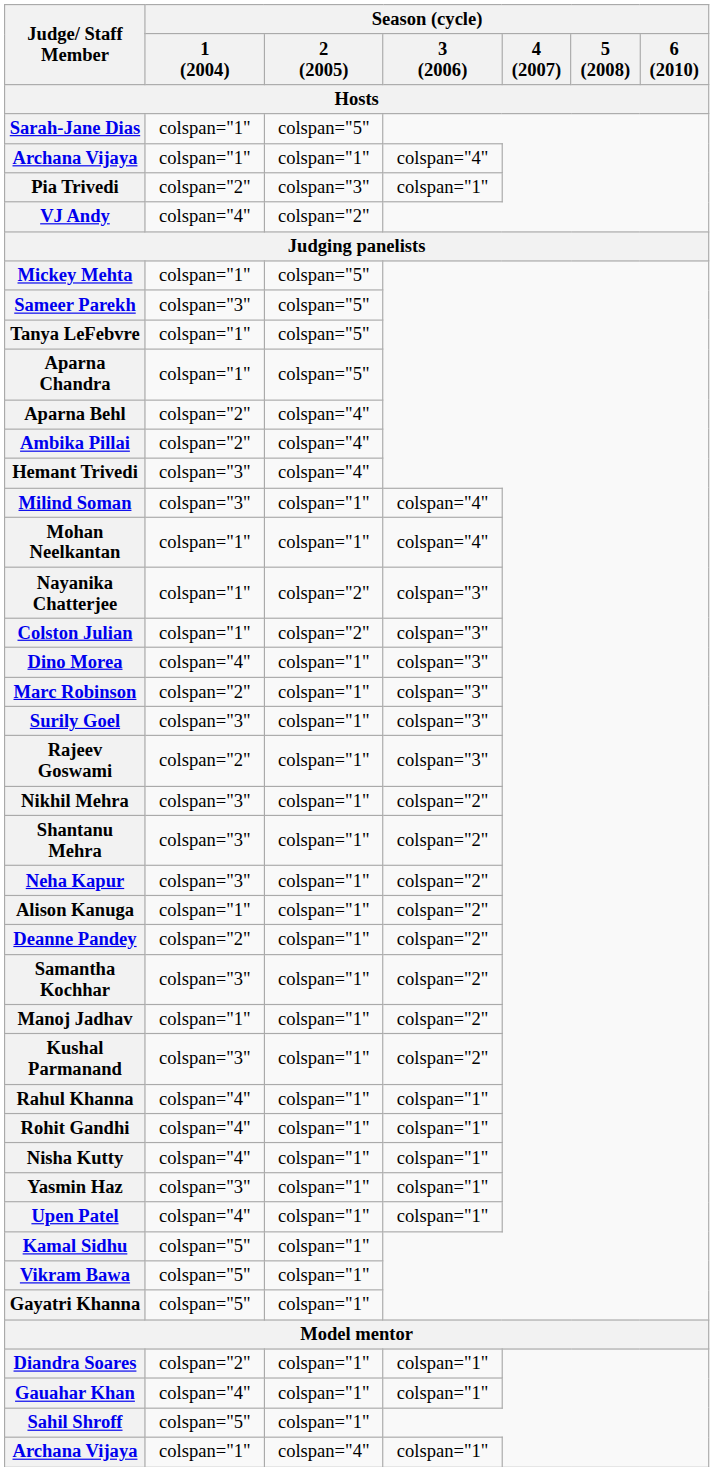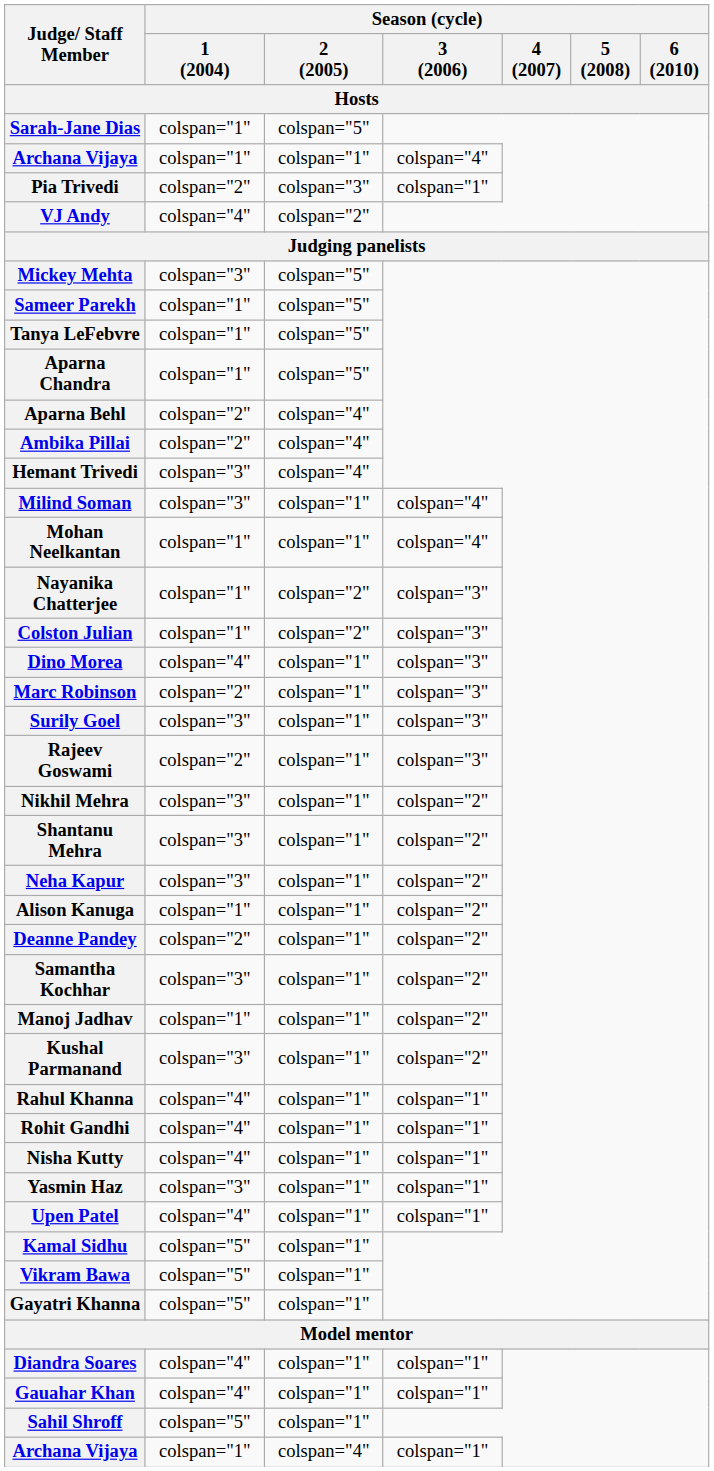 <table class="wikitable plainrowheaders" style="text-align:center;">
 <tr>
 <th rowspan="2" style="width:20%;" scope="col">Judge/ Staff Member</th>
 <th colspan="24">Season (cycle)</th>
 </tr>
 <tr>
 <th>1<br> (2004)</th>
 <th>2<br> (2005)</th>
 <th>3<br> (2006)</th>
 <th>4<br> (2007)</th>
 <th>5<br> (2008)</th>
 <th>6<br> (2010)</th>
 </tr>
 <tr>
 <th scope="col" colspan="25">Hosts</th>
 </tr>
 <tr>
 <th scope="row" style="text-align: center;"><a href='#'>Sarah-Jane Dias</a></th>
 <td>colspan="1" </td>
 <td>colspan="5" </td>
 </tr>
 <tr>
 <th scope="row" style="text-align: center;"><a href='#'>Archana Vijaya</a></th>
 <td>colspan="1" </td>
 <td>colspan="1" </td>
 <td>colspan="4" </td>
 </tr>
 <tr>
 <th scope="row" style="text-align: center;">Pia Trivedi</th>
 <td>colspan="2" </td>
 <td>colspan="3" </td>
 <td>colspan="1" </td>
 </tr>
 <tr>
 <th scope="row" style="text-align: center;"><a href='#'>VJ Andy</a></th>
 <td>colspan="4" </td>
 <td>colspan="2" </td>
 </tr>
 <tr>
 <th scope="col" colspan="25">Judging panelists</th>
 </tr>
 <tr>
 <th scope="row" style="text-align: center;"><a href='#'>Mickey Mehta</a></th>
-<td>colspan="1" </td>
+<td>colspan="3" </td>
 <td>colspan="5" </td>
 </tr>
 <tr>
 <th scope="row" style="text-align: center;"><a href='#'>Sameer Parekh</a></th>
-<td>colspan="3" </td>
+<td>colspan="1" </td>
 <td>colspan="5" </td>
 </tr>
 <tr>
 <th scope="row" style="text-align: center;">Tanya LeFebvre</th>
 <td>colspan="1" </td>
 <td>colspan="5" </td>
 </tr>
 <tr>
 <th scope="row" style="text-align: center;">Aparna Chandra</th>
 <td>colspan="1" </td>
 <td>colspan="5" </td>
 </tr>
 <tr>
 <th scope="row" style="text-align: center;">Aparna Behl</th>
 <td>colspan="2" </td>
 <td>colspan="4" </td>
 </tr>
 <tr>
 <th scope="row" style="text-align: center;"><a href='#'>Ambika Pillai</a></th>
 <td>colspan="2" </td>
 <td>colspan="4" </td>
 </tr>
 <tr>
 <th scope="row" style="text-align: center;">Hemant Trivedi</th>
 <td>colspan="3" </td>
 <td>colspan="4" </td>
 </tr>
 <tr>
 <th scope="row" style="text-align: center;"><a href='#'>Milind Soman</a></th>
 <td>colspan="3" </td>
 <td>colspan="1" </td>
 <td>colspan="4" </td>
 </tr>
 <tr>
 <th scope="row" style="text-align: center;">Mohan Neelkantan</th>
 <td>colspan="1" </td>
 <td>colspan="1" </td>
 <td>colspan="4" </td>
 </tr>
 <tr>
 <th scope="row" style="text-align: center;">Nayanika Chatterjee</th>
 <td>colspan="1" </td>
 <td>colspan="2" </td>
 <td>colspan="3" </td>
 </tr>
 <tr>
 <th scope="row" style="text-align: center;"><a href='#'>Colston Julian</a></th>
 <td>colspan="1" </td>
 <td>colspan="2" </td>
 <td>colspan="3" </td>
 </tr>
 <tr>
 <th scope="row" style="text-align: center;"><a href='#'>Dino Morea</a></th>
 <td>colspan="4" </td>
 <td>colspan="1" </td>
 <td>colspan="3" </td>
 </tr>
 <tr>
 <th scope="row" style="text-align: center;"><a href='#'>Marc Robinson</a></th>
 <td>colspan="2" </td>
 <td>colspan="1" </td>
 <td>colspan="3" </td>
 </tr>
 <tr>
 <th scope="row" style="text-align: center;"><a href='#'>Surily Goel</a></th>
 <td>colspan="3" </td>
 <td>colspan="1" </td>
 <td>colspan="3" </td>
 </tr>
 <tr>
 <th scope="row" style="text-align: center;">Rajeev Goswami</th>
 <td>colspan="2" </td>
 <td>colspan="1" </td>
 <td>colspan="3" </td>
 </tr>
 <tr>
 <th scope="row" style="text-align: center;">Nikhil Mehra</th>
 <td>colspan="3" </td>
 <td>colspan="1" </td>
 <td>colspan="2" </td>
 </tr>
 <tr>
 <th scope="row" style="text-align: center;">Shantanu Mehra</th>
 <td>colspan="3" </td>
 <td>colspan="1" </td>
 <td>colspan="2" </td>
 </tr>
 <tr>
 <th scope="row" style="text-align: center;"><a href='#'>Neha Kapur</a></th>
 <td>colspan="3" </td>
 <td>colspan="1" </td>
 <td>colspan="2" </td>
 </tr>
 <tr>
 <th scope="row" style="text-align: center;">Alison Kanuga</th>
 <td>colspan="1" </td>
 <td>colspan="1" </td>
 <td>colspan="2" </td>
 </tr>
 <tr>
 <th scope="row" style="text-align: center;"><a href='#'>Deanne Pandey</a></th>
 <td>colspan="2" </td>
 <td>colspan="1" </td>
 <td>colspan="2" </td>
 </tr>
 <tr>
 <th scope="row" style="text-align: center;">Samantha Kochhar</th>
 <td>colspan="3" </td>
 <td>colspan="1" </td>
 <td>colspan="2" </td>
 </tr>
 <tr>
 <th scope="row" style="text-align: center;">Manoj Jadhav</th>
 <td>colspan="1" </td>
 <td>colspan="1" </td>
 <td>colspan="2" </td>
 </tr>
 <tr>
 <th scope="row" style="text-align: center;">Kushal Parmanand</th>
 <td>colspan="3" </td>
 <td>colspan="1" </td>
 <td>colspan="2" </td>
 </tr>
 <tr>
 <th scope="row" style="text-align: center;">Rahul Khanna</th>
 <td>colspan="4" </td>
 <td>colspan="1" </td>
 <td>colspan="1" </td>
 </tr>
 <tr>
 <th scope="row" style="text-align: center;">Rohit Gandhi</th>
 <td>colspan="4" </td>
 <td>colspan="1" </td>
 <td>colspan="1" </td>
 </tr>
 <tr>
 <th scope="row" style="text-align: center;">Nisha Kutty</th>
 <td>colspan="4" </td>
 <td>colspan="1" </td>
 <td>colspan="1" </td>
 </tr>
 <tr>
 <th scope="row" style="text-align: center;">Yasmin Haz</th>
 <td>colspan="3" </td>
 <td>colspan="1" </td>
 <td>colspan="1" </td>
 </tr>
 <tr>
 <th scope="row" style="text-align: center;"><a href='#'>Upen Patel</a></th>
 <td>colspan="4" </td>
 <td>colspan="1" </td>
 <td>colspan="1" </td>
 </tr>
 <tr>
 <th scope="row" style="text-align: center;"><a href='#'>Kamal Sidhu</a></th>
 <td>colspan="5" </td>
 <td>colspan="1" </td>
 </tr>
 <tr>
 <th scope="row" style="text-align: center;"><a href='#'>Vikram Bawa</a></th>
 <td>colspan="5" </td>
 <td>colspan="1" </td>
 </tr>
 <tr>
 <th scope="row" style="text-align: center;">Gayatri Khanna</th>
 <td>colspan="5" </td>
 <td>colspan="1" </td>
 </tr>
 <tr>
 <th scope="col" colspan="25">Model mentor</th>
 </tr>
 <tr>
 <th scope="row" style="text-align: center;"><a href='#'>Diandra Soares</a></th>
-<td>colspan="2" </td>
+<td>colspan="4" </td>
 <td>colspan="1" </td>
 <td>colspan="1" </td>
 </tr>
 <tr>
 <th scope="row" style="text-align: center;"><a href='#'>Gauahar Khan</a></th>
 <td>colspan="4" </td>
 <td>colspan="1" </td>
 <td>colspan="1" </td>
 </tr>
 <tr>
 <th scope="row" style="text-align: center;"><a href='#'>Sahil Shroff</a></th>
 <td>colspan="5" </td>
 <td>colspan="1" </td>
 </tr>
 <tr>
 <th scope="row" style="text-align: center;"><a href='#'>Archana Vijaya</a></th>
 <td>colspan="1" </td>
 <td>colspan="4" </td>
 <td>colspan="1" </td>
 </tr>
 </table>
